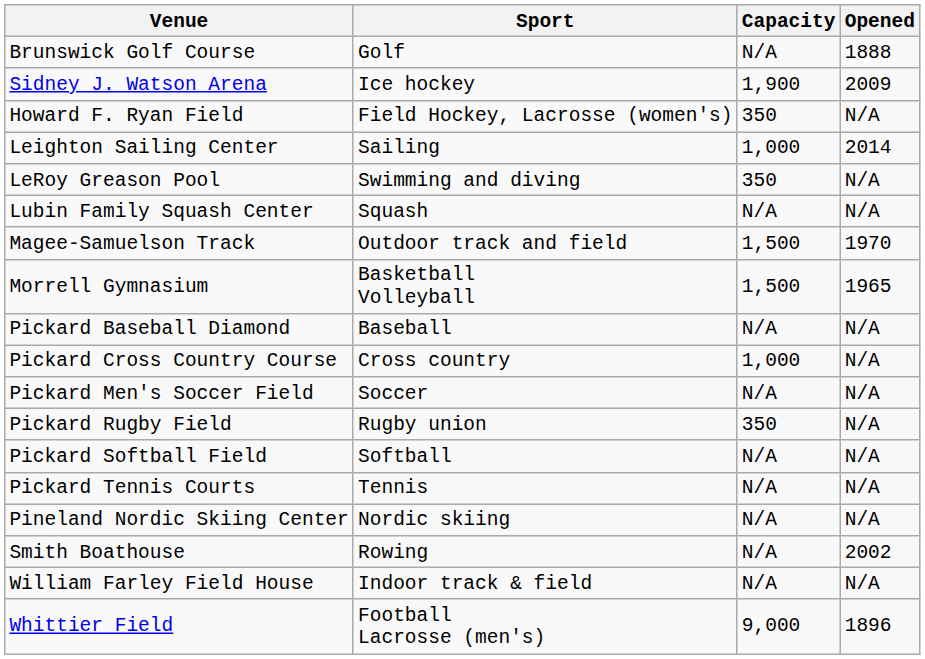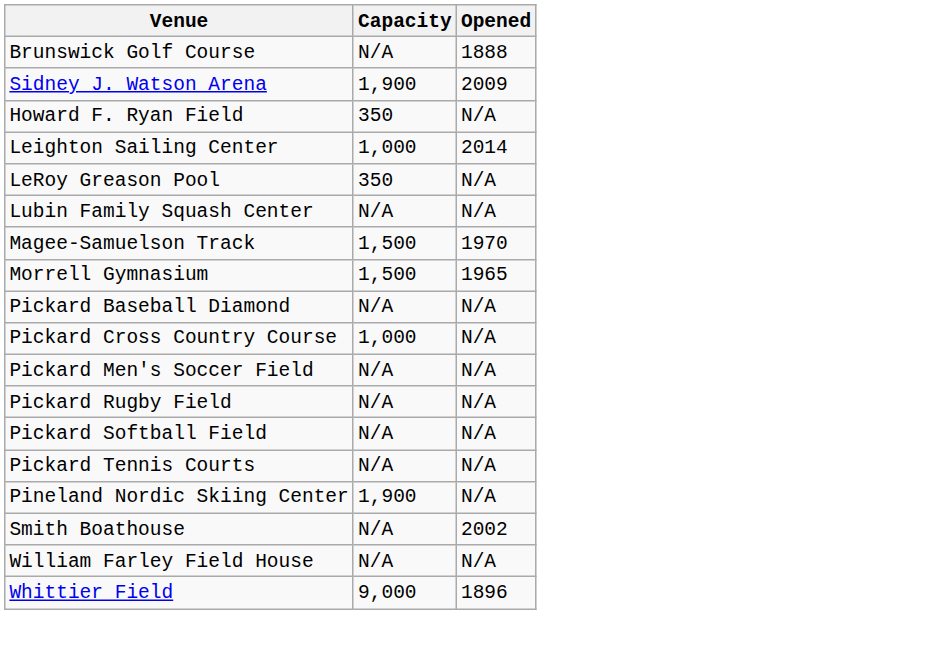 <table class="sortable wikitable">
 <tr>
 <th width=px>Venue</th>
-<th width=px>Sport</th>
 <th width=px>Capacity</th>
 <th width=px>Opened</th>
 </tr>
 <tr>
 <td>Brunswick Golf Course</td>
-<td>Golf</td>
 <td>N/A</td>
 <td>1888</td>
 </tr>
 <tr>
 <td><a href='#'>Sidney J. Watson Arena</a></td>
-<td>Ice hockey</td>
 <td>1,900</td>
 <td>2009</td>
 </tr>
 <tr>
 <td>Howard F. Ryan Field</td>
-<td>Field Hockey, Lacrosse (women's)</td>
 <td>350</td>
 <td>N/A</td>
 </tr>
 <tr>
 <td>Leighton Sailing Center</td>
-<td>Sailing</td>
 <td>1,000</td>
 <td>2014</td>
 </tr>
 <tr>
 <td>LeRoy Greason Pool</td>
-<td>Swimming and diving</td>
 <td>350</td>
 <td>N/A</td>
 </tr>
 <tr>
 <td>Lubin Family Squash Center</td>
-<td>Squash</td>
 <td>N/A</td>
 <td>N/A</td>
 </tr>
 <tr>
 <td>Magee-Samuelson Track</td>
-<td>Outdoor track and field</td>
 <td>1,500</td>
 <td>1970</td>
 </tr>
 <tr>
 <td>Morrell Gymnasium</td>
-<td>Basketball <br> Volleyball</td>
 <td>1,500</td>
 <td>1965</td>
 </tr>
 <tr>
 <td>Pickard Baseball Diamond</td>
-<td>Baseball</td>
 <td>N/A</td>
 <td>N/A</td>
 </tr>
 <tr>
 <td>Pickard Cross Country Course</td>
-<td>Cross country</td>
 <td>1,000</td>
 <td>N/A</td>
 </tr>
 <tr>
 <td>Pickard Men's Soccer Field</td>
-<td>Soccer</td>
 <td>N/A</td>
 <td>N/A</td>
 </tr>
 <tr>
 <td>Pickard Rugby Field</td>
-<td>Rugby union</td>
-<td>350</td>
+<td>N/A</td>
 <td>N/A</td>
 </tr>
 <tr>
 <td>Pickard Softball Field</td>
-<td>Softball</td>
 <td>N/A</td>
 <td>N/A</td>
 </tr>
 <tr>
 <td>Pickard Tennis Courts</td>
-<td>Tennis</td>
 <td>N/A</td>
 <td>N/A</td>
 </tr>
 <tr>
 <td>Pineland Nordic Skiing Center</td>
-<td>Nordic skiing</td>
-<td>N/A</td>
+<td>1,900</td>
 <td>N/A</td>
 </tr>
 <tr>
 <td>Smith Boathouse</td>
-<td>Rowing</td>
 <td>N/A</td>
 <td>2002</td>
 </tr>
 <tr>
 <td>William Farley Field House</td>
-<td>Indoor track & field</td>
 <td>N/A</td>
 <td>N/A</td>
 </tr>
 <tr>
 <td><a href='#'>Whittier Field</a></td>
-<td>Football <br> Lacrosse (men's)</td>
 <td>9,000</td>
 <td>1896</td>
 </tr>
 </table>
